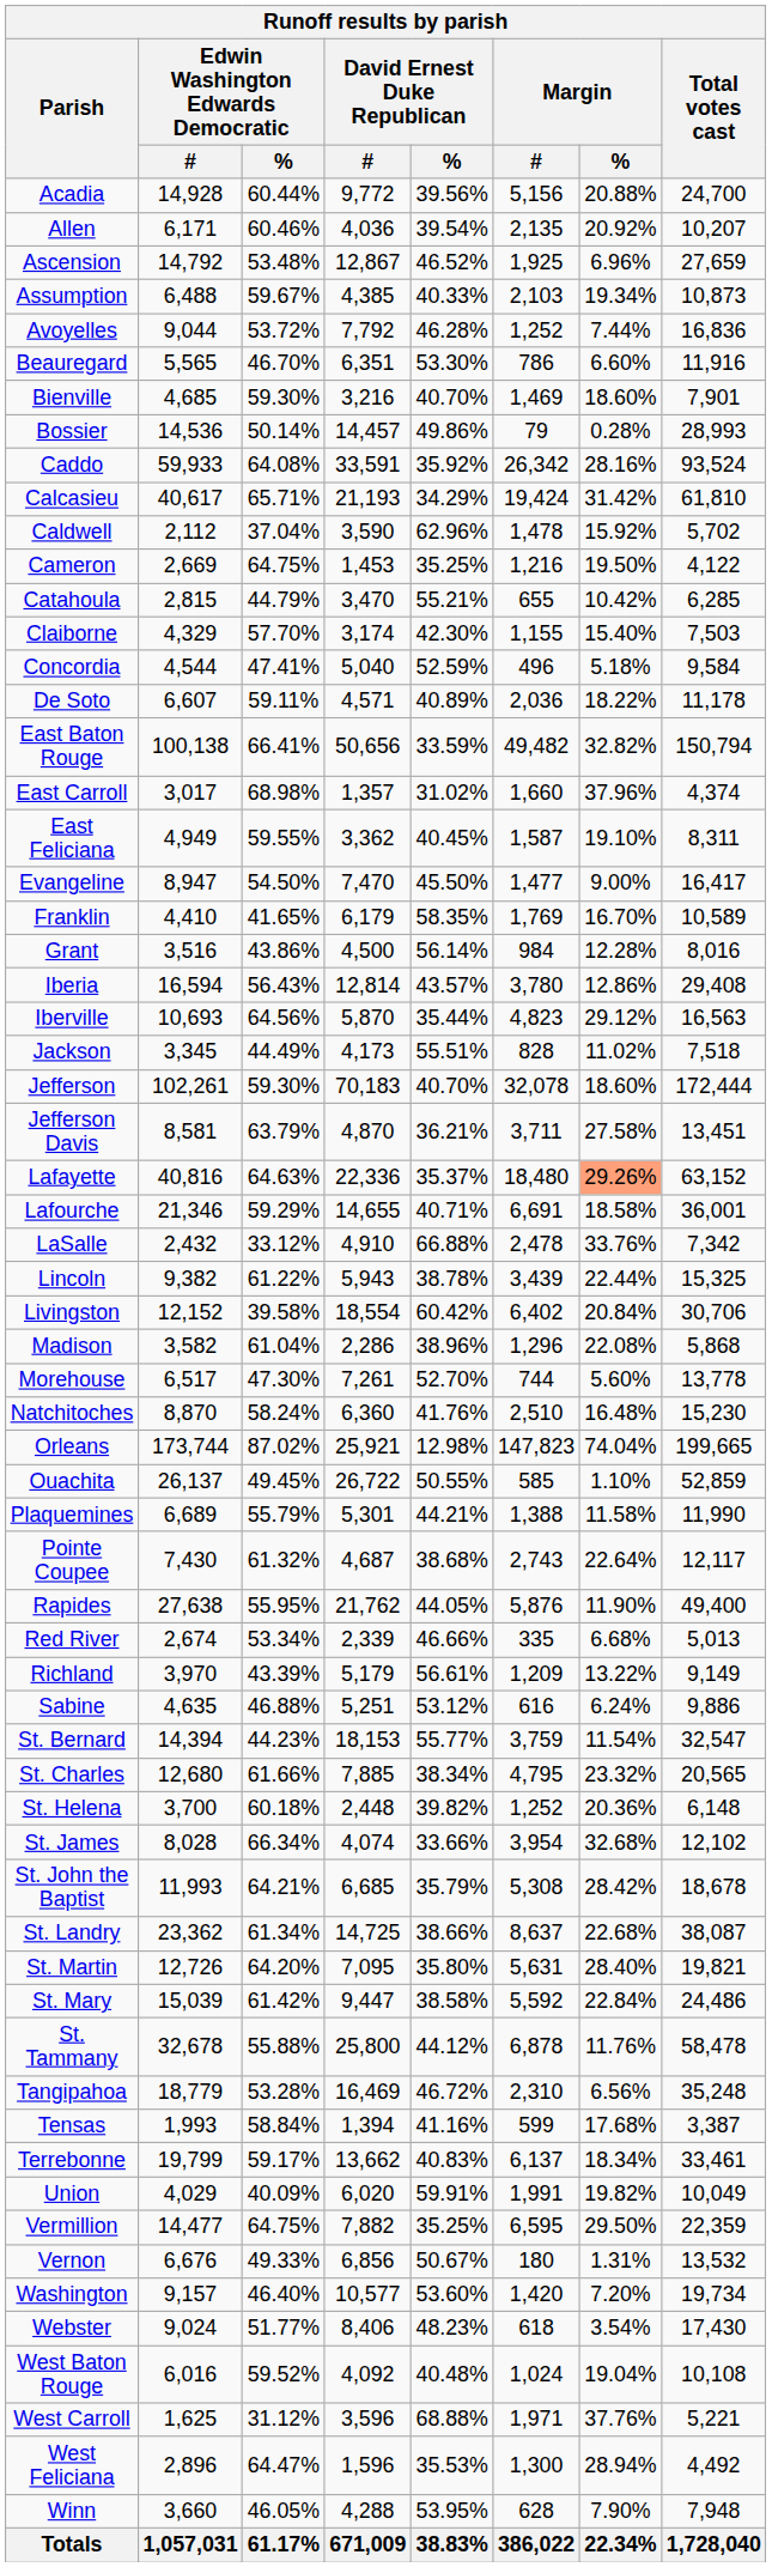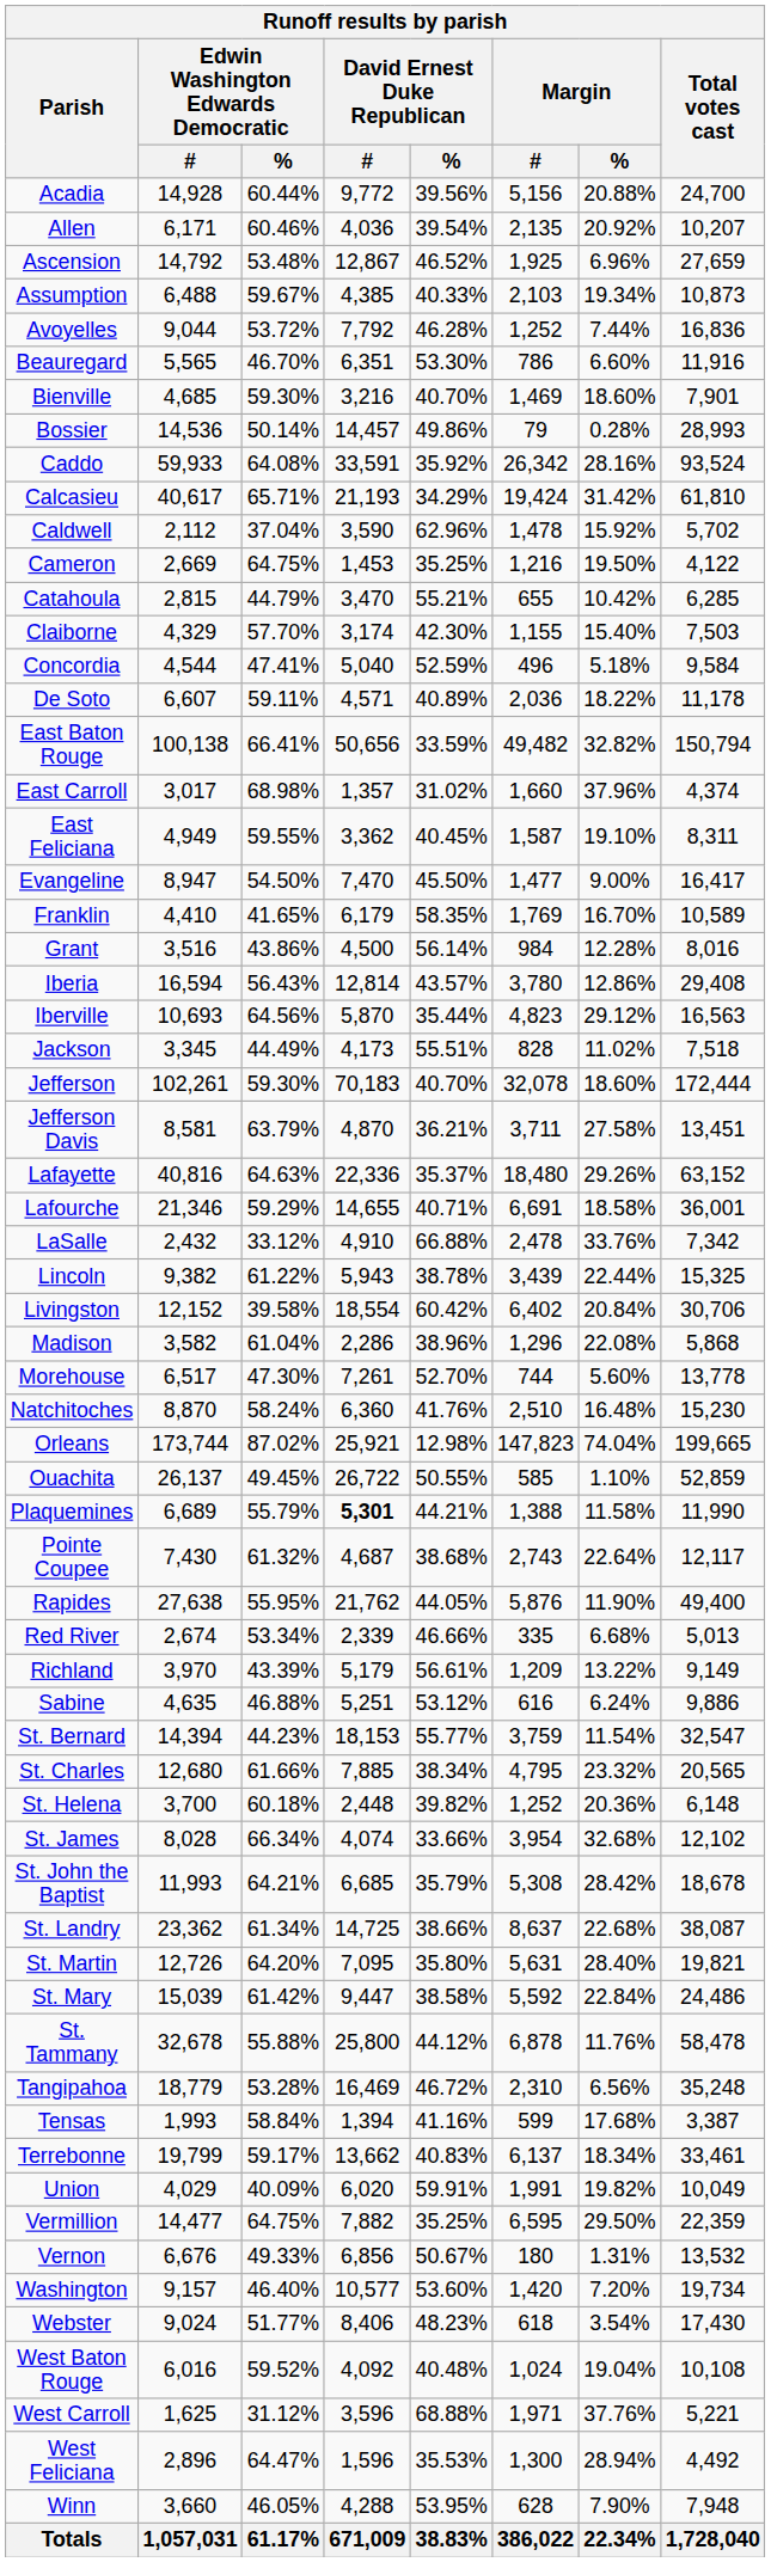 <table width="50%" class="wikitable sortable mw-collapsible mw-collapsed" style="text-align:center">
 <tr>
 <th colspan="12">Runoff results by parish</th>
 </tr>
 <tr>
 <th rowspan="2">Parish</th>
 <th style="text-align:center;" colspan="2">Edwin Washington Edwards<br>Democratic</th>
 <th style="text-align:center;" colspan="2">David Ernest Duke<br>Republican</th>
 <th style="text-align:center;" colspan="2">Margin</th>
 <th rowspan="2" style="text-align:center;">Total votes cast</th>
 </tr>
 <tr>
 <th style="text-align:center;" data-sort-type="number">#</th>
 <th style="text-align:center;" data-sort-type="number">%</th>
 <th style="text-align:center;" data-sort-type="number">#</th>
 <th style="text-align:center;" data-sort-type="number">%</th>
 <th style="text-align:center;" data-sort-type="number">#</th>
 <th style="text-align:center;" data-sort-type="number">%</th>
 </tr>
 <tr style="text-align: center;">
 <td><a href='#'>Acadia</a></td>
 <td>14,928</td>
 <td>60.44%</td>
 <td>9,772</td>
 <td>39.56%</td>
 <td>5,156</td>
 <td>20.88%</td>
 <td>24,700</td>
 </tr>
 <tr style="text-align: center;">
 <td><a href='#'>Allen</a></td>
 <td>6,171</td>
 <td>60.46%</td>
 <td>4,036</td>
 <td>39.54%</td>
 <td>2,135</td>
 <td>20.92%</td>
 <td>10,207</td>
 </tr>
 <tr style="text-align: center;">
 <td><a href='#'>Ascension</a></td>
 <td>14,792</td>
 <td>53.48%</td>
 <td>12,867</td>
 <td>46.52%</td>
 <td>1,925</td>
 <td>6.96%</td>
 <td>27,659</td>
 </tr>
 <tr style="text-align: center;">
 <td><a href='#'>Assumption</a></td>
 <td>6,488</td>
 <td>59.67%</td>
 <td>4,385</td>
 <td>40.33%</td>
 <td>2,103</td>
 <td>19.34%</td>
 <td>10,873</td>
 </tr>
 <tr style="text-align: center;">
 <td><a href='#'>Avoyelles</a></td>
 <td>9,044</td>
 <td>53.72%</td>
 <td>7,792</td>
 <td>46.28%</td>
 <td>1,252</td>
 <td>7.44%</td>
 <td>16,836</td>
 </tr>
 <tr style="text-align: center;">
 <td><a href='#'>Beauregard</a></td>
 <td>5,565</td>
 <td>46.70%</td>
 <td>6,351</td>
 <td>53.30%</td>
 <td>786</td>
 <td>6.60%</td>
 <td>11,916</td>
 </tr>
 <tr style="text-align: center;">
 <td><a href='#'>Bienville</a></td>
 <td>4,685</td>
 <td>59.30%</td>
 <td>3,216</td>
 <td>40.70%</td>
 <td>1,469</td>
 <td>18.60%</td>
 <td>7,901</td>
 </tr>
 <tr style="text-align: center;">
 <td><a href='#'>Bossier</a></td>
 <td>14,536</td>
 <td>50.14%</td>
 <td>14,457</td>
 <td>49.86%</td>
 <td>79</td>
 <td>0.28%</td>
 <td>28,993</td>
 </tr>
 <tr style="text-align: center;">
 <td><a href='#'>Caddo</a></td>
 <td>59,933</td>
 <td>64.08%</td>
 <td>33,591</td>
 <td>35.92%</td>
 <td>26,342</td>
 <td>28.16%</td>
 <td>93,524</td>
 </tr>
 <tr style="text-align: center;">
 <td><a href='#'>Calcasieu</a></td>
 <td>40,617</td>
 <td>65.71%</td>
 <td>21,193</td>
 <td>34.29%</td>
 <td>19,424</td>
 <td>31.42%</td>
 <td>61,810</td>
 </tr>
 <tr style="text-align: center;">
 <td><a href='#'>Caldwell</a></td>
 <td>2,112</td>
 <td>37.04%</td>
 <td>3,590</td>
 <td>62.96%</td>
 <td>1,478</td>
 <td>15.92%</td>
 <td>5,702</td>
 </tr>
 <tr style="text-align: center;">
 <td><a href='#'>Cameron</a></td>
 <td>2,669</td>
 <td>64.75%</td>
 <td>1,453</td>
 <td>35.25%</td>
 <td>1,216</td>
 <td>19.50%</td>
 <td>4,122</td>
 </tr>
 <tr style="text-align: center;">
 <td><a href='#'>Catahoula</a></td>
 <td>2,815</td>
 <td>44.79%</td>
 <td>3,470</td>
 <td>55.21%</td>
 <td>655</td>
 <td>10.42%</td>
 <td>6,285</td>
 </tr>
 <tr style="text-align: center;">
 <td><a href='#'>Claiborne</a></td>
 <td>4,329</td>
 <td>57.70%</td>
 <td>3,174</td>
 <td>42.30%</td>
 <td>1,155</td>
 <td>15.40%</td>
 <td>7,503</td>
 </tr>
 <tr style="text-align: center;">
 <td><a href='#'>Concordia</a></td>
 <td>4,544</td>
 <td>47.41%</td>
 <td>5,040</td>
 <td>52.59%</td>
 <td>496</td>
 <td>5.18%</td>
 <td>9,584</td>
 </tr>
 <tr style="text-align: center;">
 <td><a href='#'>De Soto</a></td>
 <td>6,607</td>
 <td>59.11%</td>
 <td>4,571</td>
 <td>40.89%</td>
 <td>2,036</td>
 <td>18.22%</td>
 <td>11,178</td>
 </tr>
 <tr style="text-align: center;">
 <td><a href='#'>East Baton Rouge</a></td>
 <td>100,138</td>
 <td>66.41%</td>
 <td>50,656</td>
 <td>33.59%</td>
 <td>49,482</td>
 <td>32.82%</td>
 <td>150,794</td>
 </tr>
 <tr style="text-align: center;">
 <td><a href='#'>East Carroll</a></td>
 <td>3,017</td>
 <td>68.98%</td>
 <td>1,357</td>
 <td>31.02%</td>
 <td>1,660</td>
 <td>37.96%</td>
 <td>4,374</td>
 </tr>
 <tr style="text-align: center;">
 <td><a href='#'>East Feliciana</a></td>
 <td>4,949</td>
 <td>59.55%</td>
 <td>3,362</td>
 <td>40.45%</td>
 <td>1,587</td>
 <td>19.10%</td>
 <td>8,311</td>
 </tr>
 <tr style="text-align: center;">
 <td><a href='#'>Evangeline</a></td>
 <td>8,947</td>
 <td>54.50%</td>
 <td>7,470</td>
 <td>45.50%</td>
 <td>1,477</td>
 <td>9.00%</td>
 <td>16,417</td>
 </tr>
 <tr style="text-align: center;">
 <td><a href='#'>Franklin</a></td>
 <td>4,410</td>
 <td>41.65%</td>
 <td>6,179</td>
 <td>58.35%</td>
 <td>1,769</td>
 <td>16.70%</td>
 <td>10,589</td>
 </tr>
 <tr style="text-align: center;">
 <td><a href='#'>Grant</a></td>
 <td>3,516</td>
 <td>43.86%</td>
 <td>4,500</td>
 <td>56.14%</td>
 <td>984</td>
 <td>12.28%</td>
 <td>8,016</td>
 </tr>
 <tr style="text-align: center;">
 <td><a href='#'>Iberia</a></td>
 <td>16,594</td>
 <td>56.43%</td>
 <td>12,814</td>
 <td>43.57%</td>
 <td>3,780</td>
 <td>12.86%</td>
 <td>29,408</td>
 </tr>
 <tr style="text-align: center;">
 <td><a href='#'>Iberville</a></td>
 <td>10,693</td>
 <td>64.56%</td>
 <td>5,870</td>
 <td>35.44%</td>
 <td>4,823</td>
 <td>29.12%</td>
 <td>16,563</td>
 </tr>
 <tr style="text-align: center;">
 <td><a href='#'>Jackson</a></td>
 <td>3,345</td>
 <td>44.49%</td>
 <td>4,173</td>
 <td>55.51%</td>
 <td>828</td>
 <td>11.02%</td>
 <td>7,518</td>
 </tr>
 <tr style="text-align: center;">
 <td><a href='#'>Jefferson</a></td>
 <td>102,261</td>
 <td>59.30%</td>
 <td>70,183</td>
 <td>40.70%</td>
 <td>32,078</td>
 <td>18.60%</td>
 <td>172,444</td>
 </tr>
 <tr style="text-align: center;">
 <td><a href='#'>Jefferson Davis</a></td>
 <td>8,581</td>
 <td>63.79%</td>
 <td>4,870</td>
 <td>36.21%</td>
 <td>3,711</td>
 <td>27.58%</td>
 <td>13,451</td>
 </tr>
 <tr style="text-align: center;">
 <td><a href='#'>Lafayette</a></td>
 <td>40,816</td>
 <td>64.63%</td>
 <td>22,336</td>
 <td>35.37%</td>
 <td>18,480</td>
-<td style="background: lightsalmon;">29.26%</td>
+<td>29.26%</td>
 <td>63,152</td>
 </tr>
 <tr style="text-align: center;">
 <td><a href='#'>Lafourche</a></td>
 <td>21,346</td>
 <td>59.29%</td>
 <td>14,655</td>
 <td>40.71%</td>
 <td>6,691</td>
 <td>18.58%</td>
 <td>36,001</td>
 </tr>
 <tr style="text-align: center;">
 <td><a href='#'>LaSalle</a></td>
 <td>2,432</td>
 <td>33.12%</td>
 <td>4,910</td>
 <td>66.88%</td>
 <td>2,478</td>
 <td>33.76%</td>
 <td>7,342</td>
 </tr>
 <tr style="text-align: center;">
 <td><a href='#'>Lincoln</a></td>
 <td>9,382</td>
 <td>61.22%</td>
 <td>5,943</td>
 <td>38.78%</td>
 <td>3,439</td>
 <td>22.44%</td>
 <td>15,325</td>
 </tr>
 <tr style="text-align: center;">
 <td><a href='#'>Livingston</a></td>
 <td>12,152</td>
 <td>39.58%</td>
 <td>18,554</td>
 <td>60.42%</td>
 <td>6,402</td>
 <td>20.84%</td>
 <td>30,706</td>
 </tr>
 <tr style="text-align: center;">
 <td><a href='#'>Madison</a></td>
 <td>3,582</td>
 <td>61.04%</td>
 <td>2,286</td>
 <td>38.96%</td>
 <td>1,296</td>
 <td>22.08%</td>
 <td>5,868</td>
 </tr>
 <tr style="text-align: center;">
 <td><a href='#'>Morehouse</a></td>
 <td>6,517</td>
 <td>47.30%</td>
 <td>7,261</td>
 <td>52.70%</td>
 <td>744</td>
 <td>5.60%</td>
 <td>13,778</td>
 </tr>
 <tr style="text-align: center;">
 <td><a href='#'>Natchitoches</a></td>
 <td>8,870</td>
 <td>58.24%</td>
 <td>6,360</td>
 <td>41.76%</td>
 <td>2,510</td>
 <td>16.48%</td>
 <td>15,230</td>
 </tr>
 <tr style="text-align: center;">
 <td><a href='#'>Orleans</a></td>
 <td>173,744</td>
 <td>87.02%</td>
 <td>25,921</td>
 <td>12.98%</td>
 <td>147,823</td>
 <td>74.04%</td>
 <td>199,665</td>
 </tr>
 <tr style="text-align: center;">
 <td><a href='#'>Ouachita</a></td>
 <td>26,137</td>
 <td>49.45%</td>
 <td>26,722</td>
 <td>50.55%</td>
 <td>585</td>
 <td>1.10%</td>
 <td>52,859</td>
 </tr>
 <tr style="text-align: center;">
 <td><a href='#'>Plaquemines</a></td>
 <td>6,689</td>
 <td>55.79%</td>
-<td>5,301</td>
+<td><strong>5,301</strong></td>
 <td>44.21%</td>
 <td>1,388</td>
 <td>11.58%</td>
 <td>11,990</td>
 </tr>
 <tr style="text-align: center;">
 <td><a href='#'>Pointe Coupee</a></td>
 <td>7,430</td>
 <td>61.32%</td>
 <td>4,687</td>
 <td>38.68%</td>
 <td>2,743</td>
 <td>22.64%</td>
 <td>12,117</td>
 </tr>
 <tr style="text-align: center;">
 <td><a href='#'>Rapides</a></td>
 <td>27,638</td>
 <td>55.95%</td>
 <td>21,762</td>
 <td>44.05%</td>
 <td>5,876</td>
 <td>11.90%</td>
 <td>49,400</td>
 </tr>
 <tr style="text-align: center;">
 <td><a href='#'>Red River</a></td>
 <td>2,674</td>
 <td>53.34%</td>
 <td>2,339</td>
 <td>46.66%</td>
 <td>335</td>
 <td>6.68%</td>
 <td>5,013</td>
 </tr>
 <tr style="text-align: center;">
 <td><a href='#'>Richland</a></td>
 <td>3,970</td>
 <td>43.39%</td>
 <td>5,179</td>
 <td>56.61%</td>
 <td>1,209</td>
 <td>13.22%</td>
 <td>9,149</td>
 </tr>
 <tr style="text-align: center;">
 <td><a href='#'>Sabine</a></td>
 <td>4,635</td>
 <td>46.88%</td>
 <td>5,251</td>
 <td>53.12%</td>
 <td>616</td>
 <td>6.24%</td>
 <td>9,886</td>
 </tr>
 <tr style="text-align: center;">
 <td><a href='#'>St. Bernard</a></td>
 <td>14,394</td>
 <td>44.23%</td>
 <td>18,153</td>
 <td>55.77%</td>
 <td>3,759</td>
 <td>11.54%</td>
 <td>32,547</td>
 </tr>
 <tr style="text-align: center;">
 <td><a href='#'>St. Charles</a></td>
 <td>12,680</td>
 <td>61.66%</td>
 <td>7,885</td>
 <td>38.34%</td>
 <td>4,795</td>
 <td>23.32%</td>
 <td>20,565</td>
 </tr>
 <tr style="text-align: center;">
 <td><a href='#'>St. Helena</a></td>
 <td>3,700</td>
 <td>60.18%</td>
 <td>2,448</td>
 <td>39.82%</td>
 <td>1,252</td>
 <td>20.36%</td>
 <td>6,148</td>
 </tr>
 <tr style="text-align: center;">
 <td><a href='#'>St. James</a></td>
 <td>8,028</td>
 <td>66.34%</td>
 <td>4,074</td>
 <td>33.66%</td>
 <td>3,954</td>
 <td>32.68%</td>
 <td>12,102</td>
 </tr>
 <tr style="text-align: center;">
 <td><a href='#'>St. John the Baptist</a></td>
 <td>11,993</td>
 <td>64.21%</td>
 <td>6,685</td>
 <td>35.79%</td>
 <td>5,308</td>
 <td>28.42%</td>
 <td>18,678</td>
 </tr>
 <tr style="text-align: center;">
 <td><a href='#'>St. Landry</a></td>
 <td>23,362</td>
 <td>61.34%</td>
 <td>14,725</td>
 <td>38.66%</td>
 <td>8,637</td>
 <td>22.68%</td>
 <td>38,087</td>
 </tr>
 <tr style="text-align: center;">
 <td><a href='#'>St. Martin</a></td>
 <td>12,726</td>
 <td>64.20%</td>
 <td>7,095</td>
 <td>35.80%</td>
 <td>5,631</td>
 <td>28.40%</td>
 <td>19,821</td>
 </tr>
 <tr style="text-align: center;">
 <td><a href='#'>St. Mary</a></td>
 <td>15,039</td>
 <td>61.42%</td>
 <td>9,447</td>
 <td>38.58%</td>
 <td>5,592</td>
 <td>22.84%</td>
 <td>24,486</td>
 </tr>
 <tr style="text-align: center;">
 <td><a href='#'>St. Tammany</a></td>
 <td>32,678</td>
 <td>55.88%</td>
 <td>25,800</td>
 <td>44.12%</td>
 <td>6,878</td>
 <td>11.76%</td>
 <td>58,478</td>
 </tr>
 <tr style="text-align: center;">
 <td><a href='#'>Tangipahoa</a></td>
 <td>18,779</td>
 <td>53.28%</td>
 <td>16,469</td>
 <td>46.72%</td>
 <td>2,310</td>
 <td>6.56%</td>
 <td>35,248</td>
 </tr>
 <tr style="text-align: center;">
 <td><a href='#'>Tensas</a></td>
 <td>1,993</td>
 <td>58.84%</td>
 <td>1,394</td>
 <td>41.16%</td>
 <td>599</td>
 <td>17.68%</td>
 <td>3,387</td>
 </tr>
 <tr style="text-align: center;">
 <td><a href='#'>Terrebonne</a></td>
 <td>19,799</td>
 <td>59.17%</td>
 <td>13,662</td>
 <td>40.83%</td>
 <td>6,137</td>
 <td>18.34%</td>
 <td>33,461</td>
 </tr>
 <tr style="text-align: center;">
 <td><a href='#'>Union</a></td>
 <td>4,029</td>
 <td>40.09%</td>
 <td>6,020</td>
 <td>59.91%</td>
 <td>1,991</td>
 <td>19.82%</td>
 <td>10,049</td>
 </tr>
 <tr style="text-align: center;">
 <td><a href='#'>Vermillion</a></td>
 <td>14,477</td>
 <td>64.75%</td>
 <td>7,882</td>
 <td>35.25%</td>
 <td>6,595</td>
 <td>29.50%</td>
 <td>22,359</td>
 </tr>
 <tr style="text-align: center;">
 <td><a href='#'>Vernon</a></td>
 <td>6,676</td>
 <td>49.33%</td>
 <td>6,856</td>
 <td>50.67%</td>
 <td>180</td>
 <td>1.31%</td>
 <td>13,532</td>
 </tr>
 <tr style="text-align: center;">
 <td><a href='#'>Washington</a></td>
 <td>9,157</td>
 <td>46.40%</td>
 <td>10,577</td>
 <td>53.60%</td>
 <td>1,420</td>
 <td>7.20%</td>
 <td>19,734</td>
 </tr>
 <tr style="text-align: center;">
 <td><a href='#'>Webster</a></td>
 <td>9,024</td>
 <td>51.77%</td>
 <td>8,406</td>
 <td>48.23%</td>
 <td>618</td>
 <td>3.54%</td>
 <td>17,430</td>
 </tr>
 <tr style="text-align: center;">
 <td><a href='#'>West Baton Rouge</a></td>
 <td>6,016</td>
 <td>59.52%</td>
 <td>4,092</td>
 <td>40.48%</td>
 <td>1,024</td>
 <td>19.04%</td>
 <td>10,108</td>
 </tr>
 <tr style="text-align: center;">
 <td><a href='#'>West Carroll</a></td>
 <td>1,625</td>
 <td>31.12%</td>
 <td>3,596</td>
 <td>68.88%</td>
 <td>1,971</td>
 <td>37.76%</td>
 <td>5,221</td>
 </tr>
 <tr style="text-align: center;">
 <td><a href='#'>West Feliciana</a></td>
 <td>2,896</td>
 <td>64.47%</td>
 <td>1,596</td>
 <td>35.53%</td>
 <td>1,300</td>
 <td>28.94%</td>
 <td>4,492</td>
 </tr>
 <tr style="text-align: center;">
 <td><a href='#'>Winn</a></td>
 <td>3,660</td>
 <td>46.05%</td>
 <td>4,288</td>
 <td>53.95%</td>
 <td>628</td>
 <td>7.90%</td>
 <td>7,948</td>
 </tr>
 <tr>
 <th>Totals</th>
 <th>1,057,031</th>
 <th>61.17%</th>
 <th>671,009</th>
 <th>38.83%</th>
 <th>386,022</th>
 <th>22.34%</th>
 <th>1,728,040</th>
 </tr>
 </table>
